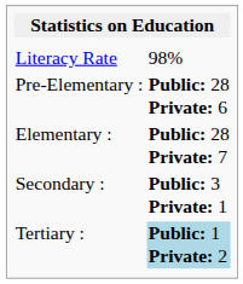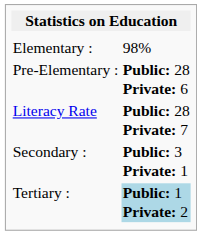 <table class="infobox" style="font-size: 90%">
 <tr>
 <th colspan=2 style="background:#EFEFEF">Statistics on Education</th>
 </tr>
 <tr>
 <td colspan=2 align="center"></td>
 </tr>
 <tr>
-<td><a href='#'>Literacy Rate</a></td>
+<td>Elementary :</td>
 <td>98%</td>
 </tr>
 <tr>
 <td>Pre-Elementary :</td>
 <td><strong>Public:</strong> 28<br><strong>Private:</strong> 6</td>
 </tr>
 <tr>
-<td>Elementary :</td>
+<td><a href='#'>Literacy Rate</a></td>
 <td><strong>Public:</strong> 28<br><strong>Private:</strong> 7</td>
 </tr>
 <tr>
 <td>Secondary :</td>
 <td><strong>Public:</strong> 3<br><strong>Private:</strong> 1</td>
 </tr>
 <tr>
 <td>Tertiary :</td>
 <td style="background: lightblue;"><strong>Public:</strong> 1<br><strong>Private:</strong> 2</td>
 </tr>
 <tr>
 </tr>
 </table>
